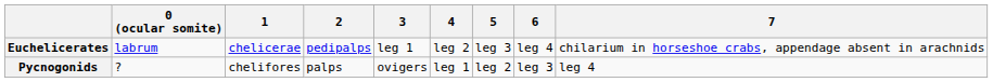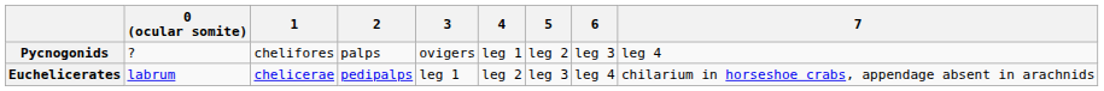 <table class="wikitable">
 <tr>
 <th></th>
 <th>0<br>(ocular somite)</th>
 <th>1</th>
 <th>2</th>
 <th>3</th>
 <th>4</th>
 <th>5</th>
 <th>6</th>
 <th>7</th>
 </tr>
 <tr>
+<th>Pycnogonids</th>
+<td>?</td>
+<td>chelifores</td>
+<td>palps</td>
+<td>ovigers</td>
+<td>leg 1</td>
+<td>leg 2</td>
+<td>leg 3</td>
+<td>leg 4</td>
+</tr>
+<tr>
 <th>Euchelicerates</th>
 <td><a href='#'>labrum</a></td>
 <td><a href='#'>chelicerae</a></td>
 <td><a href='#'>pedipalps</a></td>
 <td>leg 1</td>
 <td>leg 2</td>
 <td>leg 3</td>
 <td>leg 4</td>
 <td>chilarium in <a href='#'>horseshoe crabs</a>, appendage absent in arachnids</td>
 </tr>
-<tr>
-<th>Pycnogonids</th>
-<td>?</td>
-<td>chelifores</td>
-<td>palps</td>
-<td>ovigers</td>
-<td>leg 1</td>
-<td>leg 2</td>
-<td>leg 3</td>
-<td>leg 4</td>
-</tr>
 </table>
